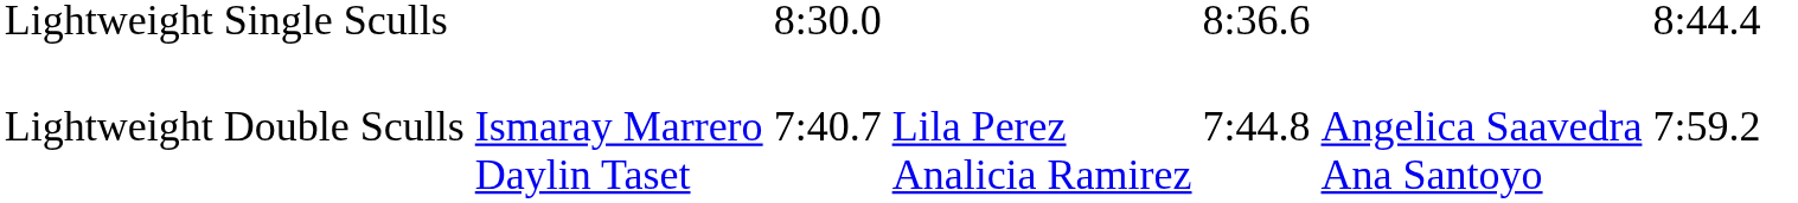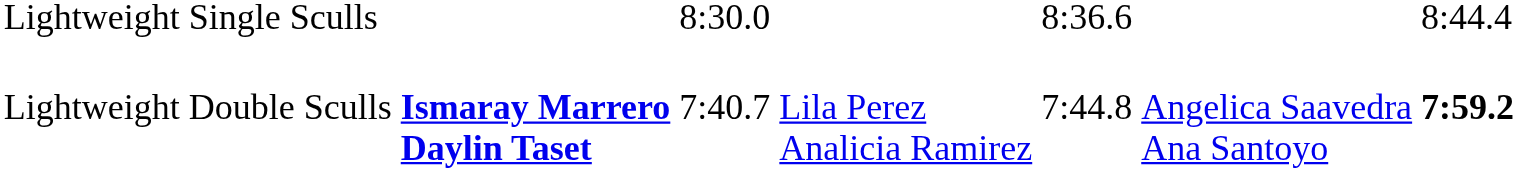 <table>
 <tr>
 <td>Lightweight Single Sculls</td>
 <td></td>
 <td>8:30.0</td>
 <td></td>
 <td>8:36.6</td>
 <td></td>
 <td>8:44.4</td>
 </tr>
 <tr>
 <td>Lightweight Double Sculls</td>
-<td><br><a href='#'>Ismaray Marrero</a><br><a href='#'>Daylin Taset</a></td>
+<td><strong><br><a href='#'>Ismaray Marrero</a><br><a href='#'>Daylin Taset</a></strong></td>
 <td>7:40.7</td>
 <td><br><a href='#'>Lila Perez</a><br><a href='#'>Analicia Ramirez</a></td>
 <td>7:44.8</td>
 <td><br><a href='#'>Angelica Saavedra</a><br><a href='#'>Ana Santoyo</a></td>
-<td>7:59.2</td>
+<td><strong>7:59.2</strong></td>
 </tr>
 </table>
